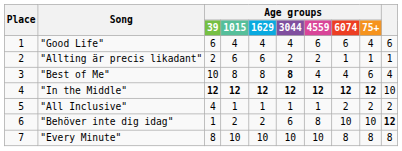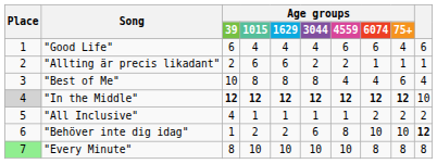 <table class="wikitable" style="margin: 1em auto 1em auto; text-align:center;">
 <tr>
 <th rowspan="2">Place</th>
 <th rowspan="2">Song</th>
 <th colspan="7">Age groups</th>
 <th rowspan="2"></th>
 </tr>
 <tr>
 <th style="background:#76C043;color:white;">39</th>
 <th style="background:#55BF9A;color:white;">1015</th>
 <th style="background:#09AAE0;color:white;">1629</th>
 <th style="background:#804F9F;color:white;">3044</th>
 <th style="background:#D94599;color:white;">4559</th>
 <th style="background:#ED3E23;color:white;">6074</th>
 <th style="background:#F6931D;color:white;">75+</th>
 </tr>
 <tr>
 <td>1</td>
 <td style="text-align:left;">"Good Life"</td>
 <td>6</td>
 <td>4</td>
 <td>4</td>
 <td>4</td>
 <td>6</td>
 <td>6</td>
 <td>4</td>
 <td>6</td>
 </tr>
 <tr>
 <td>2</td>
 <td style="text-align:left;">"Allting är precis likadant"</td>
 <td>2</td>
 <td>6</td>
 <td>6</td>
 <td>2</td>
 <td>2</td>
 <td>1</td>
 <td>1</td>
 <td>1</td>
 </tr>
 <tr>
 <td>3</td>
 <td style="text-align:left;">"Best of Me"</td>
 <td>10</td>
 <td>8</td>
 <td>8</td>
-<td><strong>8</strong></td>
+<td>8</td>
 <td>4</td>
 <td>4</td>
 <td>6</td>
 <td>4</td>
 </tr>
 <tr>
-<td>4</td>
+<td style="background: lightgrey;">4</td>
 <td style="text-align:left;">"In the Middle"</td>
 <td><strong>12</strong></td>
 <td><strong>12</strong></td>
 <td><strong>12</strong></td>
 <td><strong>12</strong></td>
 <td><strong>12</strong></td>
 <td><strong>12</strong></td>
 <td><strong>12</strong></td>
 <td>10</td>
 </tr>
 <tr>
 <td>5</td>
 <td style="text-align:left;">"All Inclusive"</td>
 <td>4</td>
 <td>1</td>
 <td>1</td>
 <td>1</td>
 <td>1</td>
 <td>2</td>
 <td>2</td>
 <td>2</td>
 </tr>
 <tr>
 <td>6</td>
 <td style="text-align:left;">"Behöver inte dig idag"</td>
 <td>1</td>
 <td>2</td>
 <td>2</td>
 <td>6</td>
 <td>8</td>
 <td>10</td>
 <td>10</td>
 <td><strong>12</strong></td>
 </tr>
 <tr>
-<td>7</td>
+<td style="background: lightgreen;">7</td>
 <td style="text-align:left;">"Every Minute"</td>
 <td>8</td>
 <td>10</td>
 <td>10</td>
 <td>10</td>
 <td>10</td>
 <td>8</td>
 <td>8</td>
 <td>8</td>
 </tr>
 </table>
